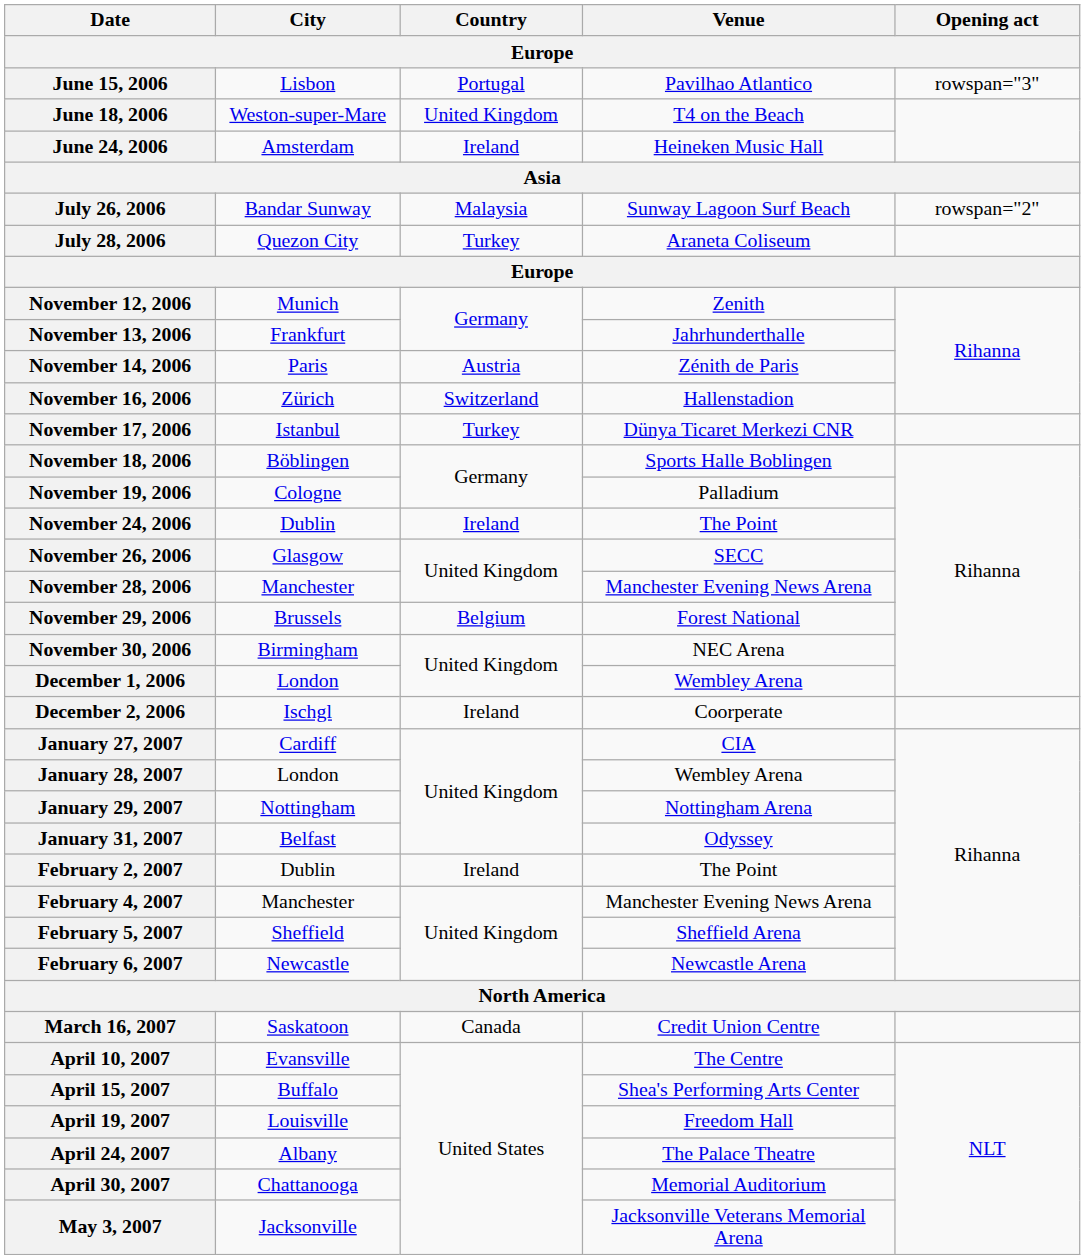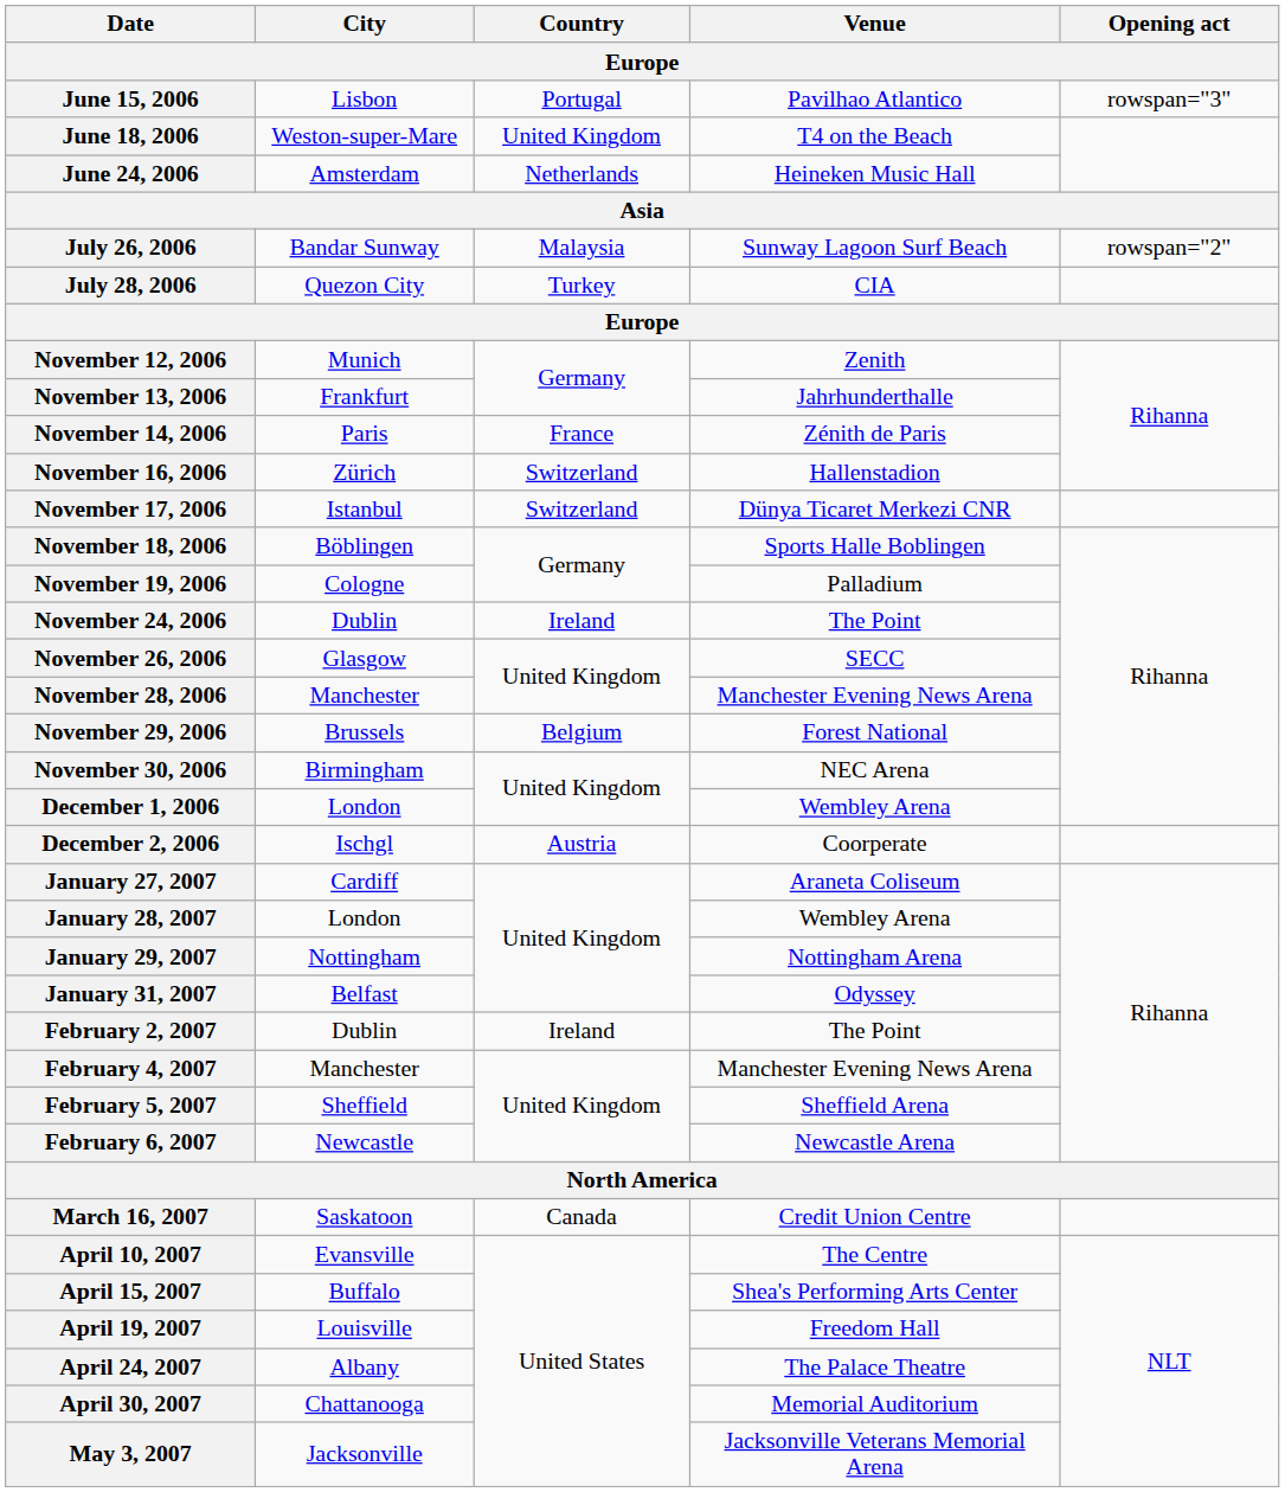 <table class="wikitable plainrowheaders" style="text-align:center;">
 <tr>
 <th scope="col" style="width:12em;">Date</th>
 <th scope="col" style="width:10em;">City</th>
 <th scope="col" style="width:10em;">Country</th>
 <th scope="col" style="width:18em;">Venue</th>
 <th scope="col" style="width:10em;">Opening act</th>
 </tr>
 <tr>
 <th colspan="5">Europe</th>
 </tr>
 <tr>
 <th scope="row">June 15, 2006</th>
 <td><a href='#'>Lisbon</a></td>
 <td><a href='#'>Portugal</a></td>
 <td><a href='#'>Pavilhao Atlantico</a></td>
 <td>rowspan="3" </td>
 </tr>
 <tr>
 <th scope="row">June 18, 2006</th>
 <td><a href='#'>Weston-super-Mare</a></td>
 <td><a href='#'>United Kingdom</a></td>
 <td><a href='#'>T4 on the Beach</a></td>
 </tr>
 <tr>
 <th scope="row">June 24, 2006</th>
 <td><a href='#'>Amsterdam</a></td>
-<td><a href='#'>Ireland</a></td>
+<td><a href='#'>Netherlands</a></td>
 <td><a href='#'>Heineken Music Hall</a></td>
 </tr>
 <tr>
 <th colspan="5">Asia</th>
 </tr>
 <tr>
 <th scope="row">July 26, 2006</th>
 <td><a href='#'>Bandar Sunway</a></td>
 <td><a href='#'>Malaysia</a></td>
 <td><a href='#'>Sunway Lagoon Surf Beach</a></td>
 <td>rowspan="2" </td>
 </tr>
 <tr>
 <th scope="row">July 28, 2006</th>
 <td><a href='#'>Quezon City</a></td>
 <td><a href='#'>Turkey</a></td>
-<td><a href='#'>Araneta Coliseum</a></td>
+<td><a href='#'>CIA</a></td>
 </tr>
 <tr>
 <th colspan="5">Europe</th>
 </tr>
 <tr>
 <th scope="row">November 12, 2006</th>
 <td><a href='#'>Munich</a></td>
 <td rowspan="2"><a href='#'>Germany</a></td>
 <td><a href='#'>Zenith</a></td>
 <td rowspan="4"><a href='#'>Rihanna</a></td>
 </tr>
 <tr>
 <th scope="row">November 13, 2006</th>
 <td><a href='#'>Frankfurt</a></td>
 <td><a href='#'>Jahrhunderthalle</a></td>
 </tr>
 <tr>
 <th scope="row">November 14, 2006</th>
 <td><a href='#'>Paris</a></td>
-<td><a href='#'>Austria</a></td>
+<td><a href='#'>France</a></td>
 <td><a href='#'>Zénith de Paris</a></td>
 </tr>
 <tr>
 <th scope="row">November 16, 2006</th>
 <td><a href='#'>Zürich</a></td>
 <td><a href='#'>Switzerland</a></td>
 <td><a href='#'>Hallenstadion</a></td>
 </tr>
 <tr>
 <th scope="row">November 17, 2006</th>
 <td><a href='#'>Istanbul</a></td>
-<td><a href='#'>Turkey</a></td>
+<td><a href='#'>Switzerland</a></td>
 <td><a href='#'>Dünya Ticaret Merkezi CNR</a></td>
 <td></td>
 </tr>
 <tr>
 <th scope="row">November 18, 2006</th>
 <td><a href='#'>Böblingen</a></td>
 <td rowspan="2">Germany</td>
 <td><a href='#'>Sports Halle Boblingen</a></td>
 <td rowspan="8">Rihanna</td>
 </tr>
 <tr>
 <th scope="row">November 19, 2006</th>
 <td><a href='#'>Cologne</a></td>
 <td>Palladium</td>
 </tr>
 <tr>
 <th scope="row">November 24, 2006</th>
 <td><a href='#'>Dublin</a></td>
 <td><a href='#'>Ireland</a></td>
 <td><a href='#'>The Point</a></td>
 </tr>
 <tr>
 <th scope="row">November 26, 2006</th>
 <td><a href='#'>Glasgow</a></td>
 <td rowspan="2">United Kingdom</td>
 <td><a href='#'>SECC</a></td>
 </tr>
 <tr>
 <th scope="row">November 28, 2006</th>
 <td><a href='#'>Manchester</a></td>
 <td><a href='#'>Manchester Evening News Arena</a></td>
 </tr>
 <tr>
 <th scope="row">November 29, 2006</th>
 <td><a href='#'>Brussels</a></td>
 <td><a href='#'>Belgium</a></td>
 <td><a href='#'>Forest National</a></td>
 </tr>
 <tr>
 <th scope="row">November 30, 2006</th>
 <td><a href='#'>Birmingham</a></td>
 <td rowspan="2">United Kingdom</td>
 <td>NEC Arena</td>
 </tr>
 <tr>
 <th scope="row">December 1, 2006</th>
 <td><a href='#'>London</a></td>
 <td><a href='#'>Wembley Arena</a></td>
 </tr>
 <tr>
 <th scope="row">December 2, 2006</th>
 <td><a href='#'>Ischgl</a></td>
-<td>Ireland</td>
+<td><a href='#'>Austria</a></td>
 <td>Coorperate</td>
 <td></td>
 </tr>
 <tr>
 <th scope="row">January 27, 2007</th>
 <td><a href='#'>Cardiff</a></td>
 <td rowspan="4">United Kingdom</td>
-<td><a href='#'>CIA</a></td>
+<td><a href='#'>Araneta Coliseum</a></td>
 <td rowspan="8">Rihanna</td>
 </tr>
 <tr>
 <th scope="row">January 28, 2007</th>
 <td>London</td>
 <td>Wembley Arena</td>
 </tr>
 <tr>
 <th scope="row">January 29, 2007</th>
 <td><a href='#'>Nottingham</a></td>
 <td><a href='#'>Nottingham Arena</a></td>
 </tr>
 <tr>
 <th scope="row">January 31, 2007</th>
 <td><a href='#'>Belfast</a></td>
 <td><a href='#'>Odyssey</a></td>
 </tr>
 <tr>
 <th scope="row">February 2, 2007</th>
 <td>Dublin</td>
 <td>Ireland</td>
 <td>The Point</td>
 </tr>
 <tr>
 <th scope="row">February 4, 2007</th>
 <td>Manchester</td>
 <td rowspan="3">United Kingdom</td>
 <td>Manchester Evening News Arena</td>
 </tr>
 <tr>
 <th scope="row">February 5, 2007</th>
 <td><a href='#'>Sheffield</a></td>
 <td><a href='#'>Sheffield Arena</a></td>
 </tr>
 <tr>
 <th scope="row">February 6, 2007</th>
 <td><a href='#'>Newcastle</a></td>
 <td><a href='#'>Newcastle Arena</a></td>
 </tr>
 <tr>
 <th colspan="5">North America</th>
 </tr>
 <tr>
 <th scope="row">March 16, 2007</th>
 <td><a href='#'>Saskatoon</a></td>
 <td>Canada</td>
 <td><a href='#'>Credit Union Centre</a></td>
 <td></td>
 </tr>
 <tr>
 <th scope="row">April 10, 2007</th>
 <td><a href='#'>Evansville</a></td>
 <td rowspan="6">United States</td>
 <td><a href='#'>The Centre</a></td>
 <td rowspan="6"><a href='#'>NLT</a></td>
 </tr>
 <tr>
 <th scope="row">April 15, 2007</th>
 <td><a href='#'>Buffalo</a></td>
 <td><a href='#'>Shea's Performing Arts Center</a></td>
 </tr>
 <tr>
 <th scope="row">April 19, 2007</th>
 <td><a href='#'>Louisville</a></td>
 <td><a href='#'>Freedom Hall</a></td>
 </tr>
 <tr>
 <th scope="row">April 24, 2007</th>
 <td><a href='#'>Albany</a></td>
 <td><a href='#'>The Palace Theatre</a></td>
 </tr>
 <tr>
 <th scope="row">April 30, 2007</th>
 <td><a href='#'>Chattanooga</a></td>
 <td><a href='#'>Memorial Auditorium</a></td>
 </tr>
 <tr>
 <th scope="row">May 3, 2007</th>
 <td><a href='#'>Jacksonville</a></td>
 <td><a href='#'>Jacksonville Veterans Memorial Arena</a></td>
 </tr>
 </table>
